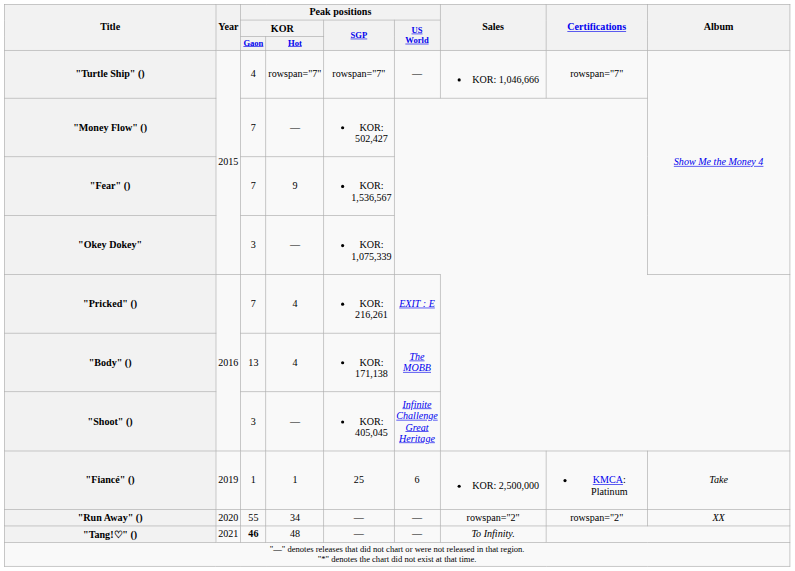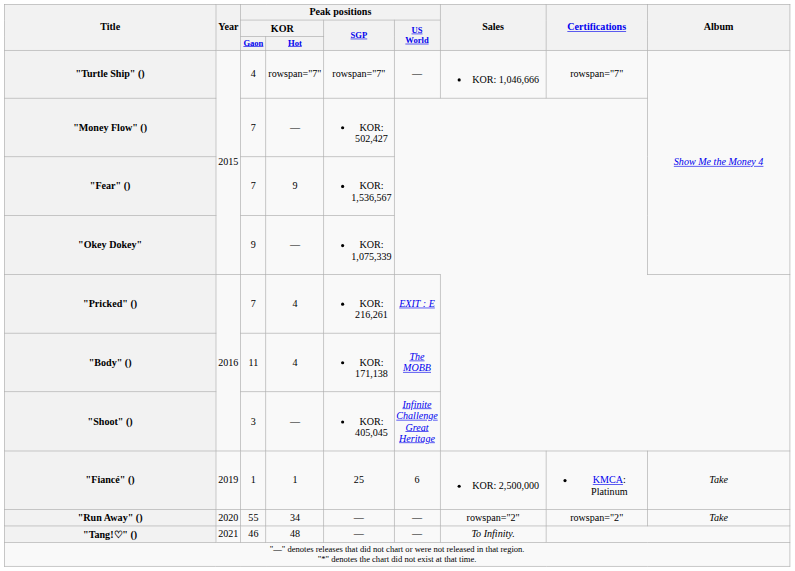 <table class="wikitable plainrowheaders" style="text-align:center;">
 <tr>
 <th scope="col" rowspan="3" style="width:22.5em;">Title</th>
 <th scope="col" rowspan="3" style="width:2em;">Year</th>
 <th scope="col" colspan="4">Peak positions</th>
 <th scope="col" rowspan="3" style="width:10.5em;">Sales</th>
 <th scope="col" rowspan="3" style="width:10em;"><a href='#'>Certifications</a><br></th>
 <th scope="col" rowspan="3" style="width:15em;">Album</th>
 </tr>
 <tr>
 <th scope="col" colspan="2">KOR</th>
 <th scope="col" rowspan="2" style="width:2.5em;font-size:85%"><a href='#'>SGP</a><br></th>
 <th rowspan="2" style="width:2.5em;font-size:85%"><a href='#'>US<br>World</a><br></th>
 </tr>
 <tr>
 <th style="width:2.5em;font-size:85%"><a href='#'>Gaon</a><br></th>
 <th scope="col" style="width:2.5em;font-size:85%;"><a href='#'>Hot</a><br></th>
 </tr>
 <tr>
 <th scope="row">"Turtle Ship" () </th>
 <td rowspan="4">2015</td>
 <td>4</td>
 <td>rowspan="7" </td>
 <td>rowspan="7" </td>
 <td>—</td>
 <td><br><ul><li>KOR: 1,046,666</li></ul></td>
 <td>rowspan="7" </td>
 <td rowspan="4"><em><a href='#'>Show Me the Money 4</a></em></td>
 </tr>
 <tr>
 <th scope="row">"Money Flow" () </th>
 <td>7</td>
 <td>—</td>
 <td><br><ul><li>KOR: 502,427</li></ul></td>
 </tr>
 <tr>
 <th scope="row">"Fear" () </th>
 <td>7</td>
 <td>9</td>
 <td><br><ul><li>KOR: 1,536,567</li></ul></td>
 </tr>
 <tr>
 <th scope="row">"Okey Dokey" </th>
-<td>3</td>
+<td>9</td>
 <td>—</td>
 <td><br><ul><li>KOR: 1,075,339</li></ul></td>
 </tr>
 <tr>
 <th scope="row">"Pricked" () </th>
 <td rowspan="3">2016</td>
 <td>7</td>
 <td>4</td>
 <td><br><ul><li>KOR: 216,261</li></ul></td>
 <td><em><a href='#'>EXIT : E</a></em></td>
 </tr>
 <tr>
 <th scope="row">"Body" ()</th>
-<td>13</td>
+<td>11</td>
 <td>4</td>
 <td><br><ul><li>KOR: 171,138</li></ul></td>
 <td><em><a href='#'>The MOBB</a></em></td>
 </tr>
 <tr>
 <th scope="row">"Shoot" () </th>
 <td>3</td>
 <td>—</td>
 <td><br><ul><li>KOR: 405,045</li></ul></td>
 <td><em><a href='#'>Infinite Challenge Great Heritage</a></em></td>
 </tr>
 <tr>
 <th scope="row">"Fiancé" ()</th>
 <td>2019</td>
 <td>1</td>
 <td>1</td>
 <td>25</td>
 <td>6</td>
 <td><br><ul><li>KOR: 2,500,000</li></ul></td>
 <td><br><ul><li><a href='#'>KMCA</a>: Platinum</li></ul></td>
 <td><em>Take</em></td>
 </tr>
 <tr>
 <th scope="row">"Run Away" ()</th>
 <td>2020</td>
 <td>55</td>
 <td>34</td>
 <td>—</td>
 <td>—</td>
 <td>rowspan="2" </td>
 <td>rowspan="2" </td>
-<td><em>XX</em></td>
+<td><em>Take</em></td>
 </tr>
 <tr>
 <th scope="row">"Tang!♡" ()</th>
 <td>2021</td>
-<td><strong>46</strong></td>
+<td>46</td>
 <td>48</td>
 <td>—</td>
 <td>—</td>
 <td><em>To Infinity.</em></td>
 </tr>
 <tr>
 <td colspan="9" style="font-size:85%;">"—" denotes releases that did not chart or were not released in that region.<br>"*" denotes the chart did not exist at that time.</td>
 </tr>
 </table>
